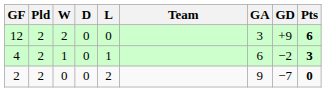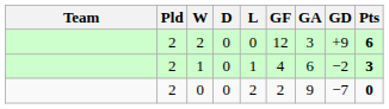 <table class="wikitable" style="text-align:center;">
 <tr>
-<th width=20>GF</th>
+<th width=150>Team</th>
 <th width=20>Pld</th>
 <th width=20>W</th>
 <th width=20>D</th>
 <th width=20>L</th>
-<th width=150>Team</th>
+<th width=20>GF</th>
 <th width=20>GA</th>
 <th width=20>GD</th>
 <th width=20>Pts</th>
 </tr>
 <tr align=center style="background:#ccffcc;">
-<td>12</td>
+<td align="left"></td>
 <td>2</td>
 <td>2</td>
 <td>0</td>
 <td>0</td>
-<td align="left"></td>
+<td>12</td>
 <td>3</td>
 <td>+9</td>
 <td><strong>6</strong></td>
 </tr>
 <tr align=center style="background:#ccffcc;">
-<td>4</td>
+<td align="left"></td>
 <td>2</td>
 <td>1</td>
 <td>0</td>
 <td>1</td>
-<td align="left"></td>
+<td>4</td>
 <td>6</td>
 <td>−2</td>
 <td><strong>3</strong></td>
 </tr>
 <tr>
-<td>2</td>
+<td align="left"></td>
 <td>2</td>
 <td>0</td>
 <td>0</td>
 <td>2</td>
-<td align="left"></td>
+<td>2</td>
 <td>9</td>
 <td>−7</td>
 <td><strong>0</strong></td>
 </tr>
 </table>
